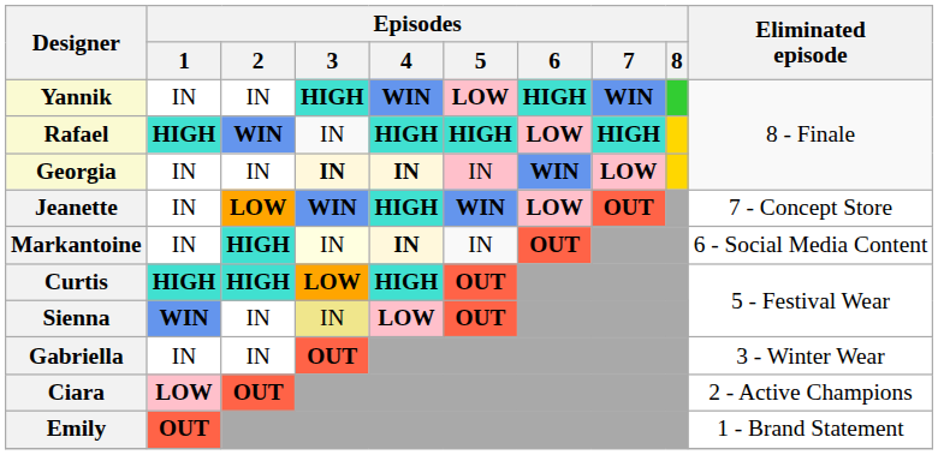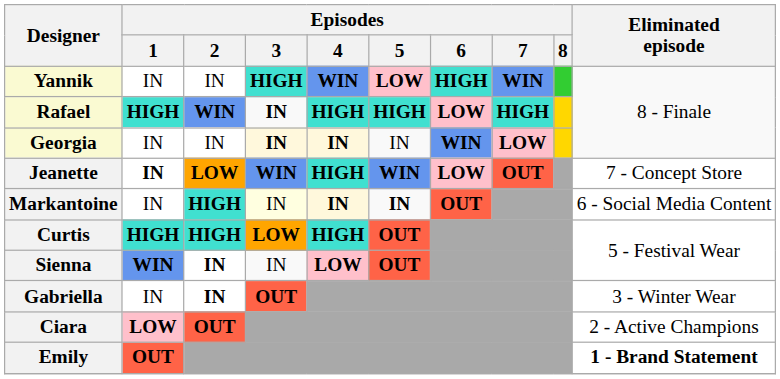 <table class="wikitable" style="text-align:center">
 <tr>
 <th rowspan="2">Designer</th>
 <th colspan="8">Episodes</th>
 <th rowspan="2">Eliminated<br> episode</th>
 </tr>
 <tr>
 <th>1</th>
 <th>2</th>
 <th>3</th>
 <th>4</th>
 <th>5</th>
 <th>6</th>
 <th>7</th>
 <th>8</th>
 </tr>
 <tr>
 <th style="background:#FAFAD2;">Yannik</th>
 <td style="background:white;">IN</td>
 <td style="background:white;">IN</td>
 <td style="background:turquoise;"><strong>HIGH</strong></td>
 <td style="background:cornflowerblue;"><strong>WIN</strong></td>
 <td style="background:pink;"><strong>LOW</strong></td>
 <td style="background:turquoise;"><strong>HIGH</strong></td>
 <td style="background:cornflowerblue;"><strong>WIN</strong></td>
 <td style="background:limegreen;"></td>
 <td rowspan="3">8 - Finale</td>
 </tr>
 <tr>
 <th style="background:#FAFAD2;">Rafael</th>
 <td style="background:turquoise;"><strong>HIGH</strong></td>
 <td style="background:cornflowerblue;"><strong>WIN</strong></td>
-<td>IN</td>
+<td><strong>IN</strong></td>
 <td style="background:turquoise;"><strong>HIGH</strong></td>
 <td style="background:turquoise;"><strong>HIGH</strong></td>
 <td style="background:pink;"><strong>LOW</strong></td>
 <td style="background:turquoise;"><strong>HIGH</strong></td>
 <td style="background:gold;"></td>
 </tr>
 <tr>
 <th style="background:#FAFAD2;">Georgia</th>
 <td style="background:white;">IN</td>
 <td style="background:white;">IN</td>
 <td style="background:cornsilk;"><strong> IN </strong></td>
 <td style="background:cornsilk;"><strong> IN </strong></td>
-<td style="background: pink;">IN</td>
+<td>IN</td>
 <td style="background:cornflowerblue;"><strong>WIN</strong></td>
 <td style="background:pink;"><strong>LOW</strong></td>
 <td style="background:gold;"></td>
 </tr>
 <tr>
 <th>Jeanette</th>
-<td style="background:white;">IN</td>
+<td style="background:white;"><strong>IN</strong></td>
 <td style="background:orange;"><strong>LOW</strong></td>
 <td style="background:cornflowerblue;"><strong>WIN</strong></td>
 <td style="background:turquoise;"><strong>HIGH</strong></td>
 <td style="background:cornflowerblue;"><strong>WIN</strong></td>
 <td style="background:pink;"><strong>LOW</strong></td>
 <td style="background:tomato;"><strong>OUT</strong></td>
 <td style="background:darkgrey;" colspan="1"></td>
 <td colspan="1" rowspan="1" style="background:white;">7 - Concept Store</td>
 </tr>
 <tr>
 <th>Markantoine</th>
 <td style="background:white;">IN</td>
 <td style="background:turquoise;"><strong>HIGH</strong></td>
 <td style="background: lightyellow;">IN</td>
 <td style="background:cornsilk;"><strong> IN </strong></td>
-<td>IN</td>
+<td><strong>IN</strong></td>
 <td style="background:tomato;"><strong>OUT</strong></td>
 <td style="background:darkgrey;" colspan="2"></td>
 <td colspan="1" rowspan="1" style="background:white;">6 - Social Media Content</td>
 </tr>
 <tr>
 <th>Curtis</th>
 <td style="background:turquoise;"><strong>HIGH</strong></td>
 <td style="background:turquoise;"><strong>HIGH</strong></td>
 <td style="background:orange;"><strong>LOW</strong></td>
 <td style="background:turquoise;"><strong>HIGH</strong></td>
 <td style="background:tomato;"><strong>OUT</strong></td>
 <td style="background:darkgrey;" colspan="3"></td>
 <td colspan="1" rowspan="2" style="background:white;">5 - Festival Wear</td>
 </tr>
 <tr>
 <th>Sienna</th>
 <td style="background:cornflowerblue;"><strong>WIN</strong></td>
-<td style="background:white;">IN</td>
-<td style="background: khaki;">IN</td>
+<td style="background:white;"><strong>IN</strong></td>
+<td>IN</td>
 <td style="background:pink;"><strong>LOW</strong></td>
 <td style="background:tomato;"><strong>OUT</strong></td>
 <td style="background:darkgrey;" colspan="3"></td>
 </tr>
 <tr>
 <th>Gabriella</th>
 <td style="background:white;">IN</td>
-<td style="background:white;">IN</td>
+<td style="background:white;"><strong>IN</strong></td>
 <td style="background:tomato;"><strong>OUT</strong></td>
 <td style="background:darkgrey;" colspan="5"></td>
 <td colspan="1" rowspan="1" style="background:white;">3 - Winter Wear</td>
 </tr>
 <tr>
 <th>Ciara</th>
 <td style="background:pink;"><strong>LOW</strong></td>
 <td style="background:tomato;"><strong>OUT</strong></td>
 <td style="background:darkgrey;" colspan="6"></td>
 <td colspan="1" rowspan="1" style="background:white;">2 - Active Champions</td>
 </tr>
 <tr>
 <th>Emily</th>
 <td style="background:tomato;"><strong>OUT</strong></td>
 <td style="background:darkgrey;" colspan="7"></td>
-<td colspan="1" rowspan="1" style="background:white;">1 - Brand Statement</td>
+<td colspan="1" rowspan="1" style="background:white;"><strong>1 - Brand Statement</strong></td>
 </tr>
 <tr>
 </tr>
 </table>
